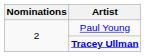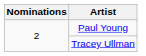 <table class="wikitable" rowspan="2" style="text-align:center;">
 <tr>
 <th scope="col" style="width:55px;">Nominations</th>
 <th scope="col" style="text-align:center;">Artist</th>
 </tr>
 <tr>
 <td rowspan="2">2</td>
 <td><a href='#'>Paul Young</a></td>
 </tr>
 <tr>
-<td><strong><a href='#'>Tracey Ullman</a></strong></td>
+<td><a href='#'>Tracey Ullman</a></td>
 </tr>
 </table>
